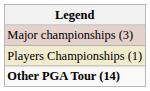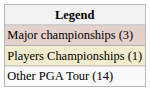 <table class="wikitable" style="font-size:95%;">
 <tr>
 <th>Legend</th>
 </tr>
 <tr style="background:#e5d1cb;">
 <td>Major championships (3)</td>
 </tr>
 <tr style="background:#f2ecce;">
 <td>Players Championships (1)</td>
 </tr>
 <tr>
-<td><strong>Other PGA Tour (14)</strong></td>
+<td>Other PGA Tour (14)</td>
 </tr>
 </table>
